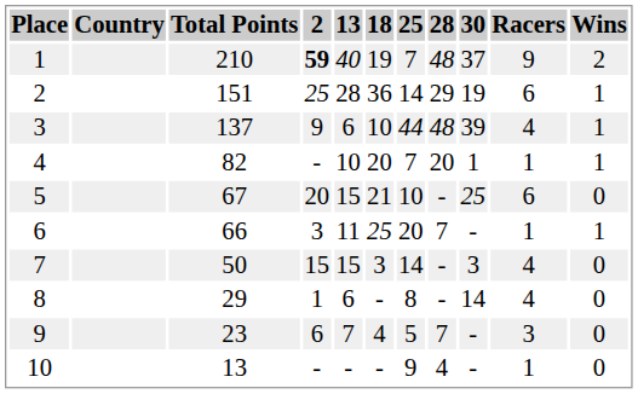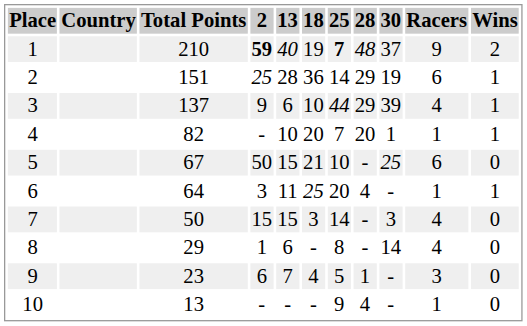 <table border="0" style="border: 1px solid #999; background-color:#FFFFFF; text-align:center">
 <tr align="center" bgcolor="#CCCCCC">
 <th>Place</th>
 <th>Country</th>
 <th>Total Points</th>
 <th>2</th>
 <th>13</th>
 <th>18</th>
 <th>25</th>
 <th>28</th>
 <th>30</th>
 <th>Racers</th>
 <th>Wins</th>
 </tr>
 <tr bgcolor="#EFEFEF">
 <td>1</td>
 <td align="left"></td>
 <td>210</td>
 <td><strong>59</strong></td>
 <td><em>40</em></td>
 <td>19</td>
-<td>7</td>
+<td><strong>7</strong></td>
 <td><em>48</em></td>
 <td>37</td>
 <td>9</td>
 <td>2</td>
 </tr>
 <tr>
 <td>2</td>
 <td align="left"></td>
 <td>151</td>
 <td><em>25</em></td>
 <td>28</td>
 <td>36</td>
 <td>14</td>
 <td>29</td>
 <td>19</td>
 <td>6</td>
 <td>1</td>
 </tr>
 <tr bgcolor="#EFEFEF">
 <td>3</td>
 <td align="left"></td>
 <td>137</td>
 <td>9</td>
 <td>6</td>
 <td>10</td>
 <td><em>44</em></td>
-<td><em>48</em></td>
+<td>29</td>
 <td>39</td>
 <td>4</td>
 <td>1</td>
 </tr>
 <tr>
 <td>4</td>
 <td align="left"></td>
 <td>82</td>
 <td>-</td>
 <td>10</td>
 <td>20</td>
 <td>7</td>
 <td>20</td>
 <td>1</td>
 <td>1</td>
 <td>1</td>
 </tr>
 <tr bgcolor="#EFEFEF">
 <td>5</td>
 <td align="left"></td>
 <td>67</td>
-<td>20</td>
+<td>50</td>
 <td>15</td>
 <td>21</td>
 <td>10</td>
 <td>-</td>
 <td><em>25</em></td>
 <td>6</td>
 <td>0</td>
 </tr>
 <tr>
 <td>6</td>
 <td align="left"></td>
-<td>66</td>
+<td>64</td>
 <td>3</td>
 <td>11</td>
 <td><em>25</em></td>
 <td>20</td>
-<td>7</td>
+<td>4</td>
 <td>-</td>
 <td>1</td>
 <td>1</td>
 </tr>
 <tr bgcolor="#EFEFEF">
 <td>7</td>
 <td align="left"></td>
 <td>50</td>
 <td>15</td>
 <td>15</td>
 <td>3</td>
 <td>14</td>
 <td>-</td>
 <td>3</td>
 <td>4</td>
 <td>0</td>
 </tr>
 <tr>
 <td>8</td>
 <td align="left"></td>
 <td>29</td>
 <td>1</td>
 <td>6</td>
 <td>-</td>
 <td>8</td>
 <td>-</td>
 <td>14</td>
 <td>4</td>
 <td>0</td>
 </tr>
 <tr bgcolor="#EFEFEF">
 <td>9</td>
 <td align="left"></td>
 <td>23</td>
 <td>6</td>
 <td>7</td>
 <td>4</td>
 <td>5</td>
-<td>7</td>
+<td>1</td>
 <td>-</td>
 <td>3</td>
 <td>0</td>
 </tr>
 <tr>
 <td>10</td>
 <td align="left"></td>
 <td>13</td>
 <td>-</td>
 <td>-</td>
 <td>-</td>
 <td>9</td>
 <td>4</td>
 <td>-</td>
 <td>1</td>
 <td>0</td>
 </tr>
 </table>
